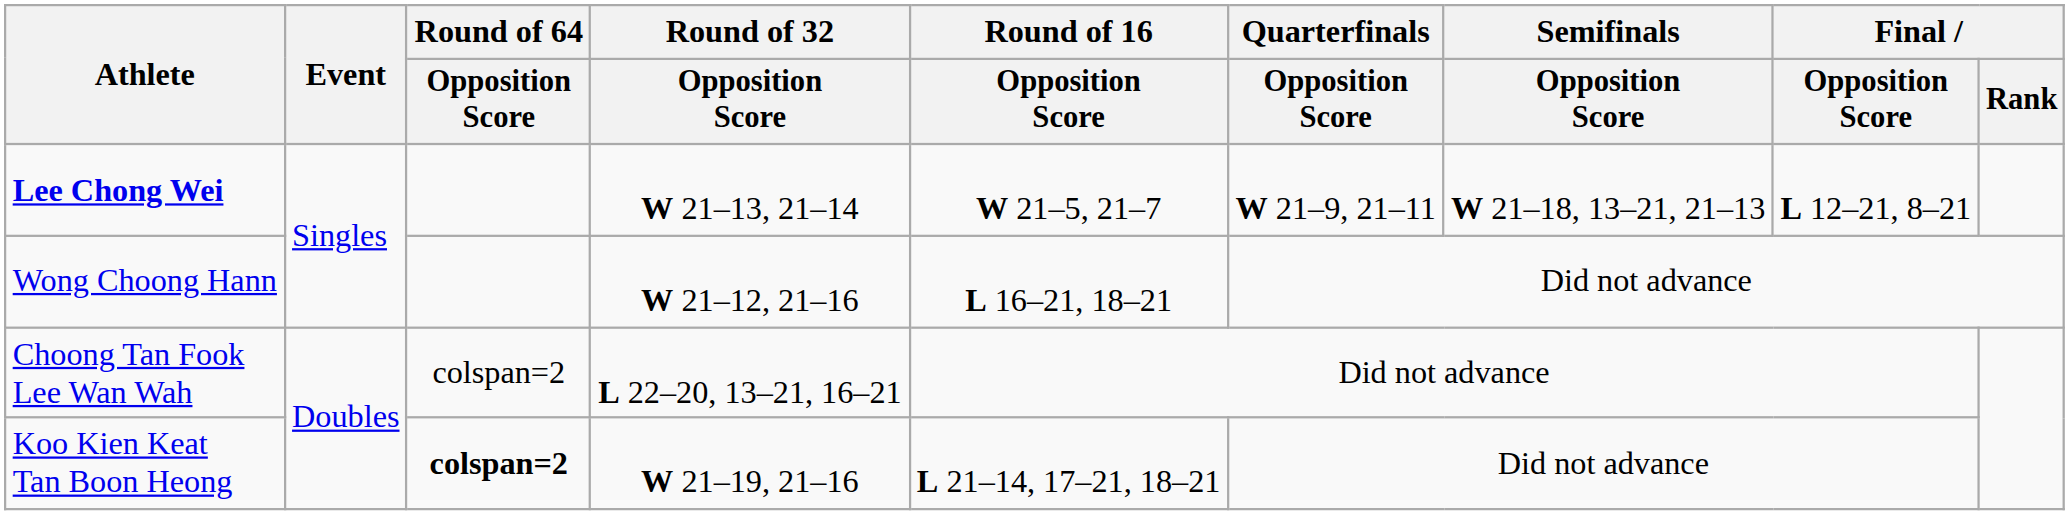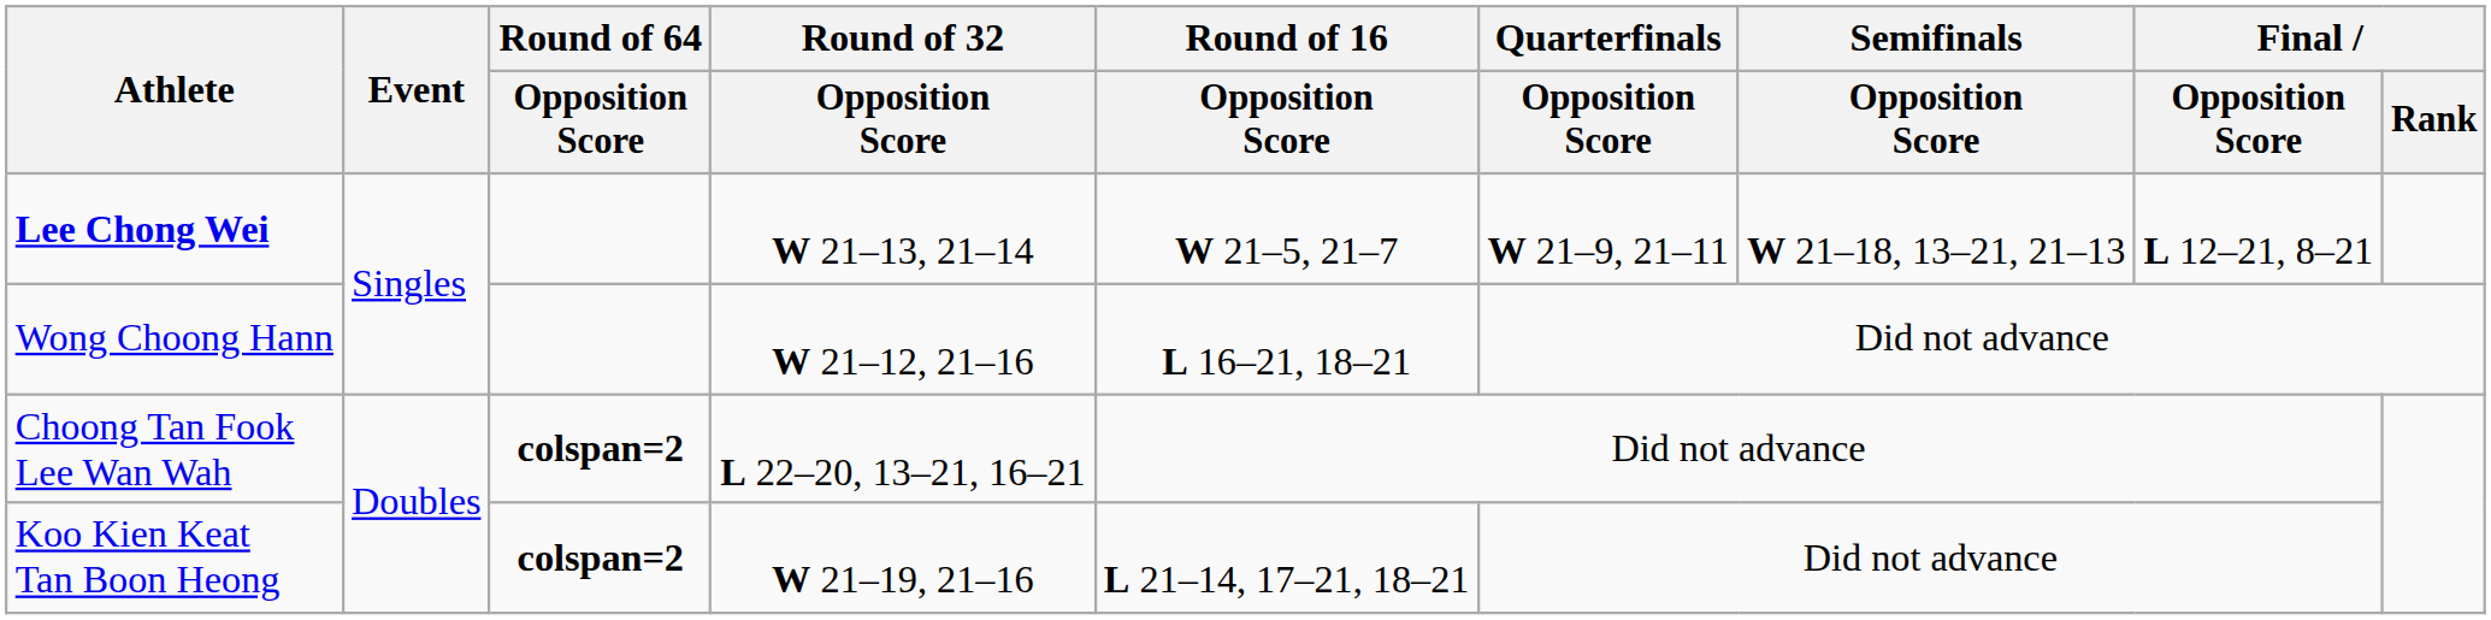 <table class="wikitable" style="font-size:90%">
 <tr>
 <th rowspan="2">Athlete</th>
 <th rowspan="2">Event</th>
 <th>Round of 64</th>
 <th>Round of 32</th>
 <th>Round of 16</th>
 <th>Quarterfinals</th>
 <th>Semifinals</th>
 <th colspan="2">Final / </th>
 </tr>
 <tr style="font-size:95%">
 <th>Opposition<br>Score</th>
 <th>Opposition<br>Score</th>
 <th>Opposition<br>Score</th>
 <th>Opposition<br>Score</th>
 <th>Opposition<br>Score</th>
 <th>Opposition<br>Score</th>
 <th>Rank</th>
 </tr>
 <tr align=center>
 <td align=left><strong><a href='#'>Lee Chong Wei</a></strong></td>
 <td align=left rowspan=2><a href='#'>Singles</a></td>
 <td></td>
 <td><br><strong>W</strong> 21–13, 21–14</td>
 <td><br><strong>W</strong> 21–5, 21–7</td>
 <td><br><strong>W</strong> 21–9, 21–11</td>
 <td><br><strong>W</strong> 21–18, 13–21, 21–13</td>
 <td><br><strong>L</strong> 12–21, 8–21</td>
 <td></td>
 </tr>
 <tr align=center>
 <td align=left><a href='#'>Wong Choong Hann</a></td>
 <td></td>
 <td><br><strong>W</strong> 21–12, 21–16</td>
 <td><br><strong>L</strong> 16–21, 18–21</td>
 <td colspan=4>Did not advance</td>
 </tr>
 <tr align=center>
 <td align=left><a href='#'>Choong Tan Fook</a><br><a href='#'>Lee Wan Wah</a></td>
 <td align=left rowspan=2><a href='#'>Doubles</a></td>
-<td>colspan=2 </td>
+<td><strong>colspan=2 </strong></td>
 <td><br><strong>L</strong> 22–20, 13–21, 16–21</td>
 <td colspan=4>Did not advance</td>
 </tr>
 <tr align=center>
 <td align=left><a href='#'>Koo Kien Keat</a> <br><a href='#'>Tan Boon Heong</a></td>
 <td><strong>colspan=2 </strong></td>
 <td><br><strong>W</strong> 21–19, 21–16</td>
 <td><br><strong>L</strong> 21–14, 17–21, 18–21</td>
 <td colspan=3>Did not advance</td>
 </tr>
 </table>
